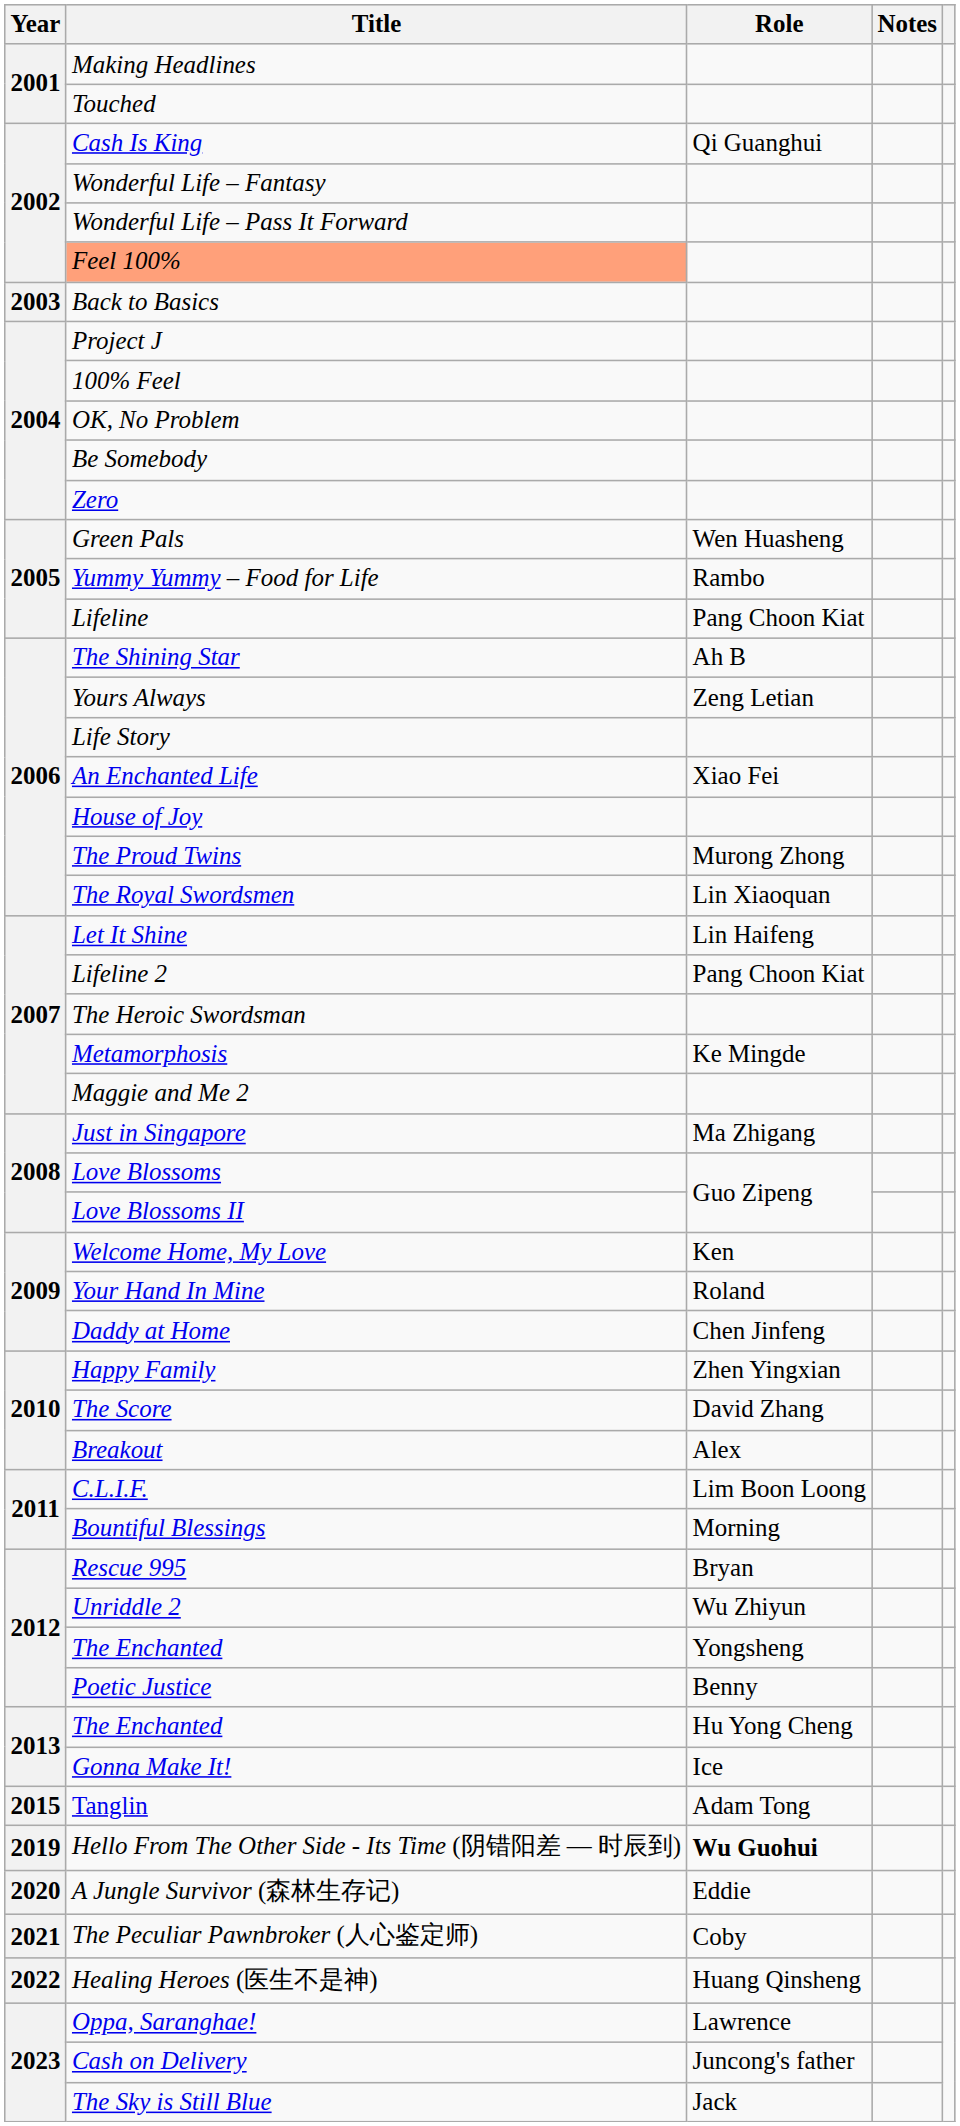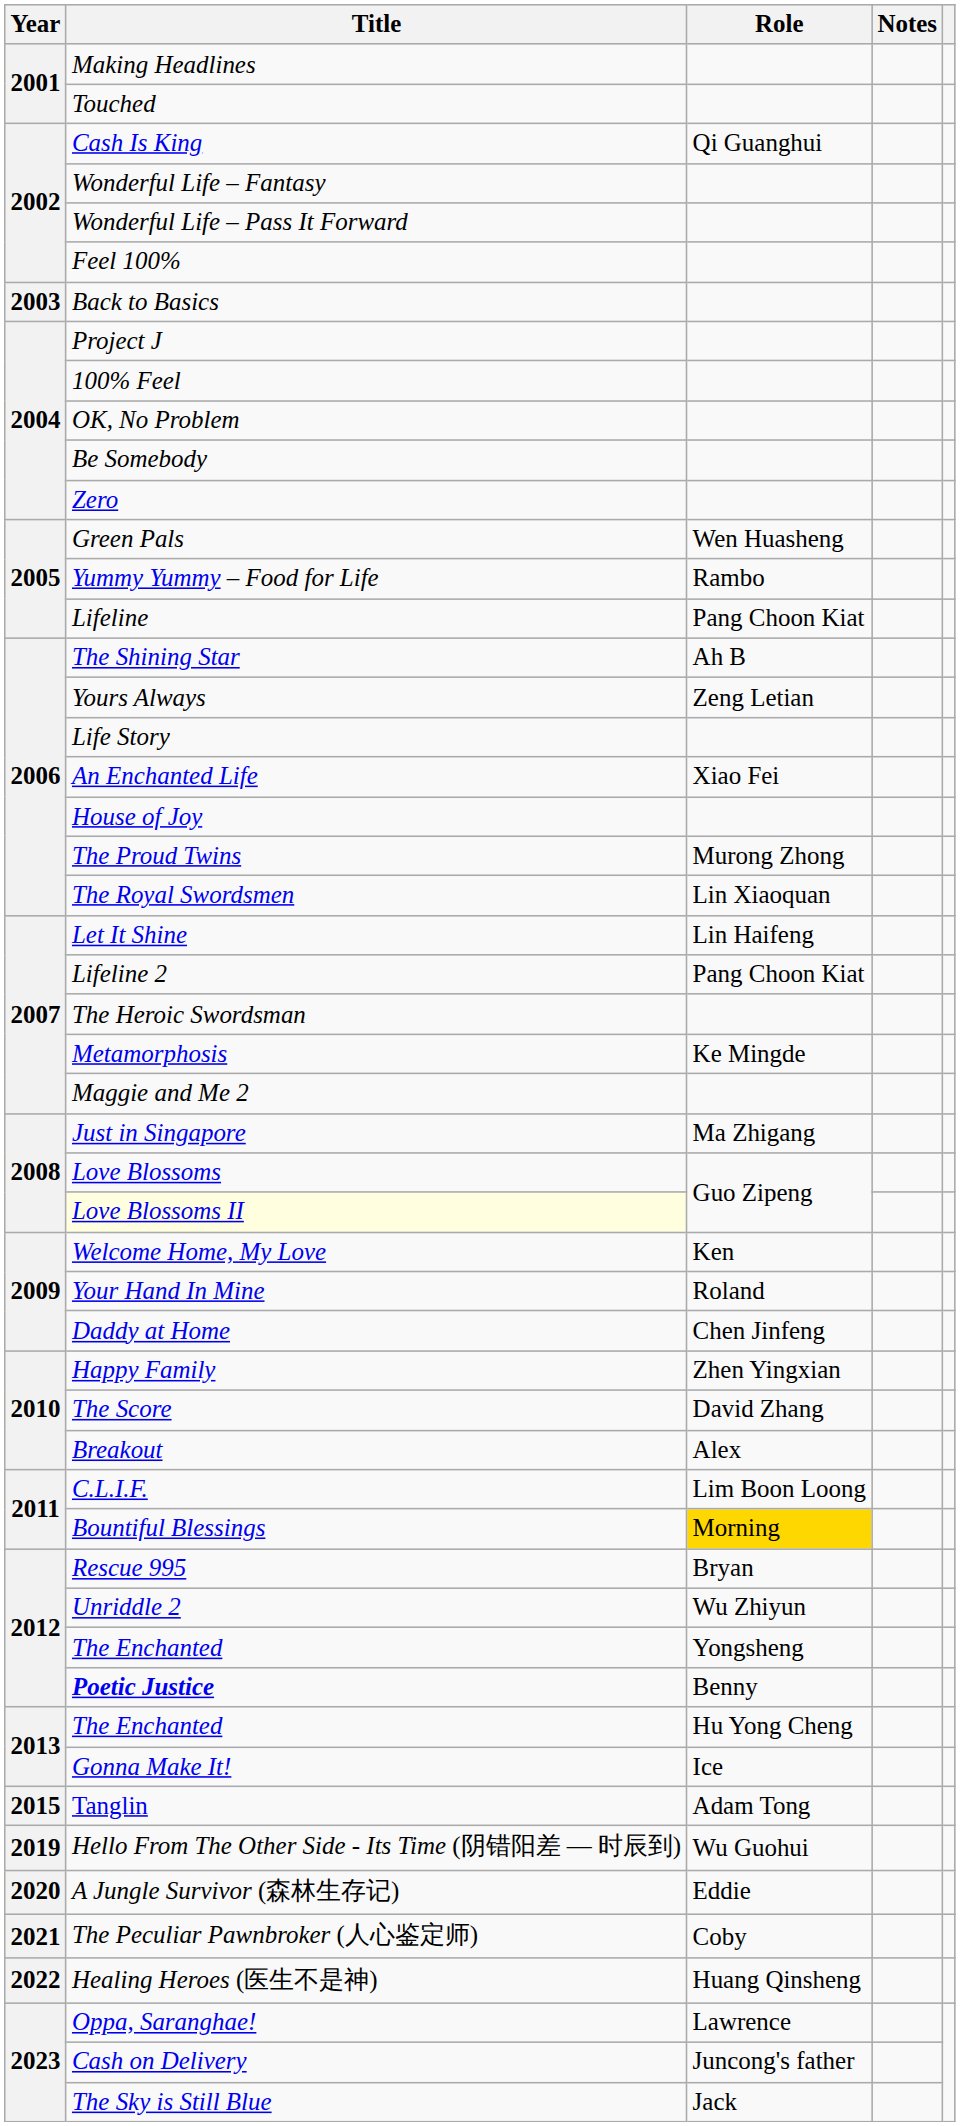 <table class="wikitable sortable plainrowheaders">
 <tr>
 <th scope="col">Year</th>
 <th scope="col">Title</th>
 <th scope="col">Role</th>
 <th scope="col" class="unsortable">Notes</th>
 <th scope="col" class="unsortable"></th>
 </tr>
 <tr>
 <th scope="row" rowspan=2>2001</th>
 <td><em>Making Headlines</em></td>
 <td></td>
 <td></td>
 <td></td>
 </tr>
 <tr>
 <td><em>Touched</em></td>
 <td></td>
 <td></td>
 <td></td>
 </tr>
 <tr>
 <th scope="row" rowspan=4>2002</th>
 <td><em><a href='#'>Cash Is King</a></em></td>
 <td>Qi Guanghui</td>
 <td></td>
 <td></td>
 </tr>
 <tr>
 <td><em>Wonderful Life – Fantasy</em></td>
 <td></td>
 <td></td>
 <td></td>
 </tr>
 <tr>
 <td><em>Wonderful Life – Pass It Forward</em></td>
 <td></td>
 <td></td>
 <td></td>
 </tr>
 <tr>
-<td style="background: lightsalmon;"><em>Feel 100%</em></td>
+<td><em>Feel 100%</em></td>
 <td></td>
 <td></td>
 <td></td>
 </tr>
 <tr>
 <th scope="row">2003</th>
 <td><em>Back to Basics</em></td>
 <td></td>
 <td></td>
 <td></td>
 </tr>
 <tr>
 <th scope="row" rowspan=5>2004</th>
 <td><em>Project J</em></td>
 <td></td>
 <td></td>
 <td></td>
 </tr>
 <tr>
 <td><em>100% Feel</em></td>
 <td></td>
 <td></td>
 <td></td>
 </tr>
 <tr>
 <td><em>OK, No Problem</em></td>
 <td></td>
 <td></td>
 <td></td>
 </tr>
 <tr>
 <td><em>Be Somebody</em></td>
 <td></td>
 <td></td>
 <td></td>
 </tr>
 <tr>
 <td><em><a href='#'>Zero</a></em></td>
 <td></td>
 <td></td>
 <td></td>
 </tr>
 <tr>
 <th scope="row" rowspan=3>2005</th>
 <td><em>Green Pals</em></td>
 <td>Wen Huasheng</td>
 <td></td>
 <td></td>
 </tr>
 <tr>
 <td><em><a href='#'>Yummy Yummy</a> – Food for Life</em></td>
 <td>Rambo</td>
 <td></td>
 <td></td>
 </tr>
 <tr>
 <td><em>Lifeline</em></td>
 <td>Pang Choon Kiat</td>
 <td></td>
 <td></td>
 </tr>
 <tr>
 <th scope="row" rowspan=7>2006</th>
 <td><em><a href='#'>The Shining Star</a></em></td>
 <td>Ah B</td>
 <td></td>
 <td></td>
 </tr>
 <tr>
 <td><em>Yours Always</em></td>
 <td>Zeng Letian</td>
 <td></td>
 <td></td>
 </tr>
 <tr>
 <td><em>Life Story</em></td>
 <td></td>
 <td></td>
 <td></td>
 </tr>
 <tr>
 <td><em><a href='#'>An Enchanted Life</a></em></td>
 <td>Xiao Fei</td>
 <td></td>
 <td></td>
 </tr>
 <tr>
 <td><em><a href='#'>House of Joy</a></em></td>
 <td></td>
 <td></td>
 <td></td>
 </tr>
 <tr>
 <td><em><a href='#'>The Proud Twins</a></em></td>
 <td>Murong Zhong</td>
 <td></td>
 <td></td>
 </tr>
 <tr>
 <td><em><a href='#'>The Royal Swordsmen</a></em></td>
 <td>Lin Xiaoquan</td>
 <td></td>
 <td></td>
 </tr>
 <tr>
 <th scope="row" rowspan=5>2007</th>
 <td><em><a href='#'>Let It Shine</a></em></td>
 <td>Lin Haifeng</td>
 <td></td>
 <td></td>
 </tr>
 <tr>
 <td><em>Lifeline 2</em></td>
 <td>Pang Choon Kiat</td>
 <td></td>
 <td></td>
 </tr>
 <tr>
 <td><em>The Heroic Swordsman</em></td>
 <td></td>
 <td></td>
 <td></td>
 </tr>
 <tr>
 <td><em><a href='#'>Metamorphosis</a></em></td>
 <td>Ke Mingde</td>
 <td></td>
 <td></td>
 </tr>
 <tr>
 <td><em>Maggie and Me 2</em></td>
 <td></td>
 <td></td>
 <td></td>
 </tr>
 <tr>
 <th scope="row" rowspan=3>2008</th>
 <td><em><a href='#'>Just in Singapore</a></em></td>
 <td>Ma Zhigang</td>
 <td></td>
 <td></td>
 </tr>
 <tr>
 <td><em><a href='#'>Love Blossoms</a></em></td>
 <td rowspan="2">Guo Zipeng</td>
 <td></td>
 <td></td>
 </tr>
 <tr>
-<td><em><a href='#'>Love Blossoms II</a></em></td>
+<td style="background: lightyellow;"><em><a href='#'>Love Blossoms II</a></em></td>
 <td></td>
 <td></td>
 </tr>
 <tr>
 <th scope="row" rowspan="3">2009</th>
 <td><em><a href='#'>Welcome Home, My Love</a></em></td>
 <td>Ken</td>
 <td></td>
 <td></td>
 </tr>
 <tr>
 <td><em><a href='#'>Your Hand In Mine</a></em></td>
 <td>Roland</td>
 <td></td>
 <td></td>
 </tr>
 <tr>
 <td><em><a href='#'>Daddy at Home</a></em></td>
 <td>Chen Jinfeng</td>
 <td></td>
 <td></td>
 </tr>
 <tr>
 <th scope="row" rowspan="3">2010</th>
 <td><em><a href='#'>Happy Family</a></em></td>
 <td>Zhen Yingxian</td>
 <td></td>
 <td></td>
 </tr>
 <tr>
 <td><em><a href='#'>The Score</a></em></td>
 <td>David Zhang</td>
 <td></td>
 <td></td>
 </tr>
 <tr>
 <td><em><a href='#'>Breakout</a></em></td>
 <td>Alex</td>
 <td></td>
 <td></td>
 </tr>
 <tr>
 <th scope="row" rowspan="2">2011</th>
 <td><em><a href='#'>C.L.I.F.</a></em></td>
 <td>Lim Boon Loong</td>
 <td></td>
 <td></td>
 </tr>
 <tr>
 <td><em><a href='#'>Bountiful Blessings</a></em></td>
-<td>Morning</td>
+<td style="background: gold;">Morning</td>
 <td></td>
 <td></td>
 </tr>
 <tr>
 <th scope="row" rowspan="4">2012</th>
 <td><em><a href='#'>Rescue 995</a></em></td>
 <td>Bryan</td>
 <td></td>
 <td></td>
 </tr>
 <tr>
 <td><em><a href='#'>Unriddle 2</a></em></td>
 <td>Wu Zhiyun</td>
 <td></td>
 <td></td>
 </tr>
 <tr>
 <td><em><a href='#'>The Enchanted</a></em></td>
 <td>Yongsheng</td>
 <td></td>
 <td></td>
 </tr>
 <tr>
-<td><em><a href='#'>Poetic Justice</a></em></td>
+<td><strong><em><a href='#'>Poetic Justice</a></em></strong></td>
 <td>Benny</td>
 <td></td>
 <td></td>
 </tr>
 <tr>
 <th scope="row" rowspan="2">2013</th>
 <td><a href='#'><em>The Enchanted</em></a></td>
 <td>Hu Yong Cheng</td>
 <td></td>
 <td></td>
 </tr>
 <tr>
 <td><em><a href='#'>Gonna Make It!</a></em></td>
 <td>Ice</td>
 <td></td>
 <td></td>
 </tr>
 <tr>
 <th scope="row">2015</th>
 <td><a href='#'>Tanglin</a></td>
 <td>Adam Tong</td>
 <td></td>
 <td></td>
 </tr>
 <tr>
 <th scope="row">2019</th>
 <td><em>Hello From The Other Side - Its Time</em> (阴错阳差 — 时辰到)</td>
-<td><strong>Wu Guohui</strong></td>
+<td>Wu Guohui</td>
 <td></td>
 <td></td>
 </tr>
 <tr>
 <th scope="row">2020</th>
 <td><em> A Jungle Survivor </em> (森林生存记)</td>
 <td>Eddie</td>
 <td></td>
 <td></td>
 </tr>
 <tr>
 <th scope="row">2021</th>
 <td><em>The Peculiar Pawnbroker</em> (人心鉴定师)</td>
 <td>Coby</td>
 <td></td>
 <td></td>
 </tr>
 <tr>
 <th scope="row">2022</th>
 <td><em>Healing Heroes</em> (医生不是神)</td>
 <td>Huang Qinsheng</td>
 <td></td>
 <td></td>
 </tr>
 <tr>
 <th scope="row" rowspan="3">2023</th>
 <td><em><a href='#'>Oppa, Saranghae!</a></em></td>
 <td>Lawrence</td>
 <td></td>
 </tr>
 <tr>
 <td><em><a href='#'>Cash on Delivery</a></em></td>
 <td>Juncong's father</td>
 <td></td>
 </tr>
 <tr>
 <td><em><a href='#'>The Sky is Still Blue</a></em></td>
 <td>Jack</td>
 <td></td>
 </tr>
 </table>
